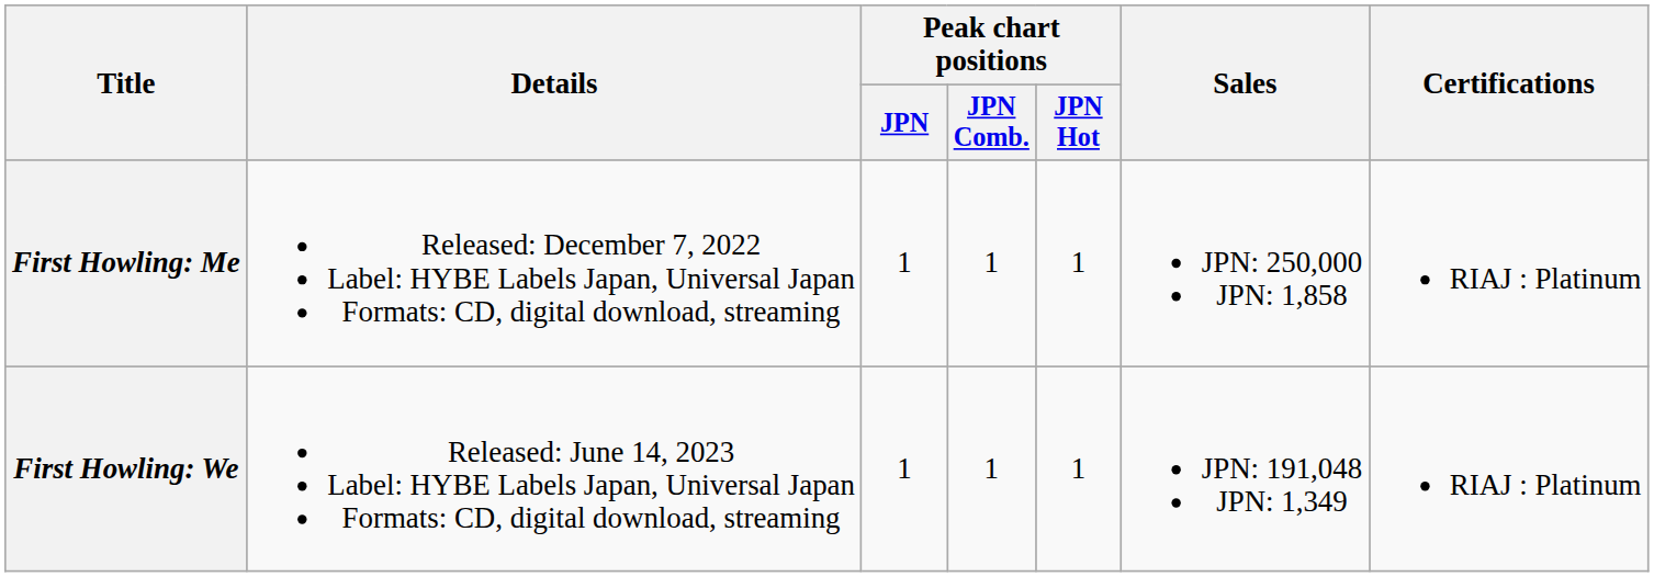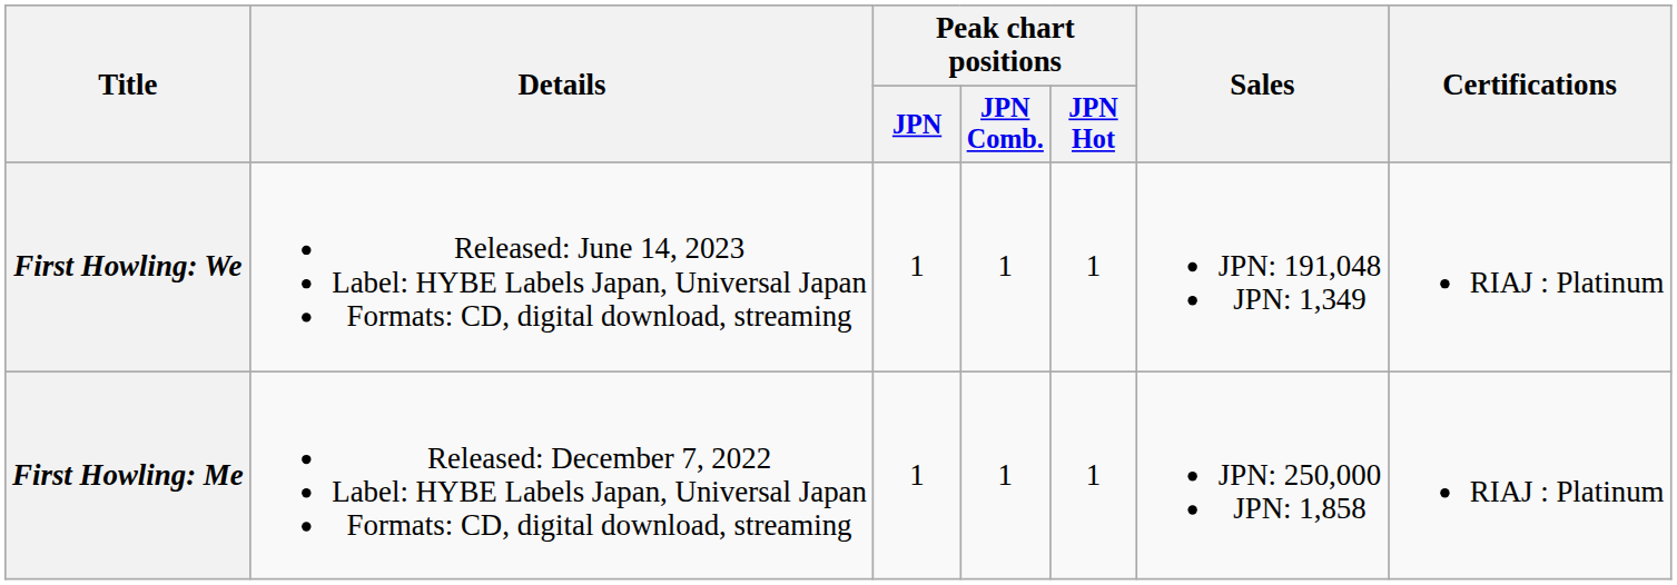 <table class="wikitable plainrowheaders" style="text-align:center">
 <tr>
 <th scope="col" rowspan="2">Title</th>
 <th scope="col" rowspan="2">Details</th>
 <th scope="col" colspan="3">Peak chart positions</th>
 <th scope="col" rowspan="2">Sales</th>
 <th scope="col" rowspan="2">Certifications</th>
 </tr>
 <tr>
 <th scope="col" style="font-size:90%; width:2.75em"><a href='#'>JPN</a><br></th>
 <th scope="col" style="font-size:90%; width:2.75em"><a href='#'>JPN<br>Comb.</a><br></th>
 <th scope="col" style="font-size:90%; width:2.75em"><a href='#'>JPN<br>Hot</a><br></th>
 </tr>
 <tr>
+<th scope="row"><em>First Howling: We</em></th>
+<td><br><ul><li>Released: June 14, 2023</li><li>Label: HYBE Labels Japan, Universal Japan</li><li>Formats: CD, digital download, streaming</li></ul></td>
+<td>1</td>
+<td>1</td>
+<td>1</td>
+<td><br><ul><li>JPN: 191,048 </li><li>JPN: 1,349 </li></ul></td>
+<td><br><ul><li>RIAJ : Platinum</li></ul></td>
+</tr>
+<tr>
 <th scope="row"><em>First Howling: Me</em></th>
 <td><br><ul><li>Released: December 7, 2022</li><li>Label: HYBE Labels Japan, Universal Japan</li><li>Formats: CD, digital download, streaming</li></ul></td>
 <td>1</td>
 <td>1</td>
 <td>1</td>
 <td><br><ul><li>JPN: 250,000 </li><li>JPN: 1,858 </li></ul></td>
 <td><br><ul><li>RIAJ : Platinum</li></ul></td>
 </tr>
-<tr>
-<th scope="row"><em>First Howling: We</em></th>
-<td><br><ul><li>Released: June 14, 2023</li><li>Label: HYBE Labels Japan, Universal Japan</li><li>Formats: CD, digital download, streaming</li></ul></td>
-<td>1</td>
-<td>1</td>
-<td>1</td>
-<td><br><ul><li>JPN: 191,048 </li><li>JPN: 1,349 </li></ul></td>
-<td><br><ul><li>RIAJ : Platinum</li></ul></td>
-</tr>
 </table>
